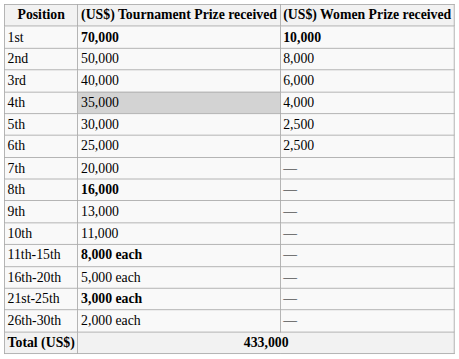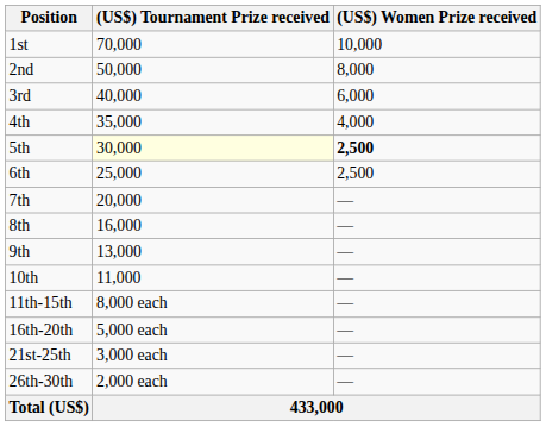 <table class="wikitable">
 <tr>
 <th>Position</th>
 <th>(US$) Tournament Prize received</th>
 <th>(US$) Women Prize received</th>
 </tr>
 <tr>
 <td>1st</td>
-<td><strong>70,000</strong></td>
-<td><strong>10,000</strong></td>
+<td>70,000</td>
+<td>10,000</td>
 </tr>
 <tr>
 <td>2nd</td>
 <td>50,000</td>
 <td>8,000</td>
 </tr>
 <tr>
 <td>3rd</td>
 <td>40,000</td>
 <td>6,000</td>
 </tr>
 <tr>
 <td>4th</td>
-<td style="background: lightgrey;">35,000</td>
+<td>35,000</td>
 <td>4,000</td>
 </tr>
 <tr>
 <td>5th</td>
-<td>30,000</td>
-<td>2,500</td>
+<td style="background: lightyellow;">30,000</td>
+<td><strong>2,500</strong></td>
 </tr>
 <tr>
 <td>6th</td>
 <td>25,000</td>
 <td>2,500</td>
 </tr>
 <tr>
 <td>7th</td>
 <td>20,000</td>
 <td>—</td>
 </tr>
 <tr>
 <td>8th</td>
-<td><strong>16,000</strong></td>
+<td>16,000</td>
 <td>—</td>
 </tr>
 <tr>
 <td>9th</td>
 <td>13,000</td>
 <td>—</td>
 </tr>
 <tr>
 <td>10th</td>
 <td>11,000</td>
 <td>—</td>
 </tr>
 <tr>
 <td>11th-15th</td>
-<td><strong>8,000 each</strong></td>
+<td>8,000 each</td>
 <td>—</td>
 </tr>
 <tr>
 <td>16th-20th</td>
 <td>5,000 each</td>
 <td>—</td>
 </tr>
 <tr>
 <td>21st-25th</td>
-<td><strong>3,000 each</strong></td>
+<td>3,000 each</td>
 <td>—</td>
 </tr>
 <tr>
 <td>26th-30th</td>
 <td>2,000 each</td>
 <td>—</td>
 </tr>
 <tr>
 <th>Total (US$)</th>
 <th colspan=2>433,000</th>
 </tr>
 </table>
